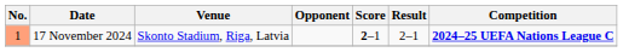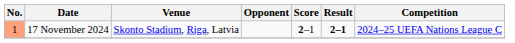 <table class="wikitable sortable">
 <tr>
 <th scope="col">No.</th>
 <th scope="col">Date</th>
 <th scope="col">Venue</th>
 <th scope="col">Opponent</th>
 <th scope="col">Score</th>
 <th scope="col">Result</th>
 <th scope="col">Competition</th>
 </tr>
 <tr>
 <td style="background: lightsalmon; text-align:center">1</td>
 <td>17 November 2024</td>
 <td><a href='#'>Skonto Stadium</a>, <a href='#'>Riga</a>, Latvia</td>
 <td></td>
 <td style="text-align:center"><strong>2</strong>–1</td>
-<td style="text-align:center">2–1</td>
-<td><strong><a href='#'>2024–25 UEFA Nations League C</a></strong></td>
+<td style="text-align:center"><strong>2–1</strong></td>
+<td><a href='#'>2024–25 UEFA Nations League C</a></td>
 </tr>
 <tr>
 </tr>
 </table>
